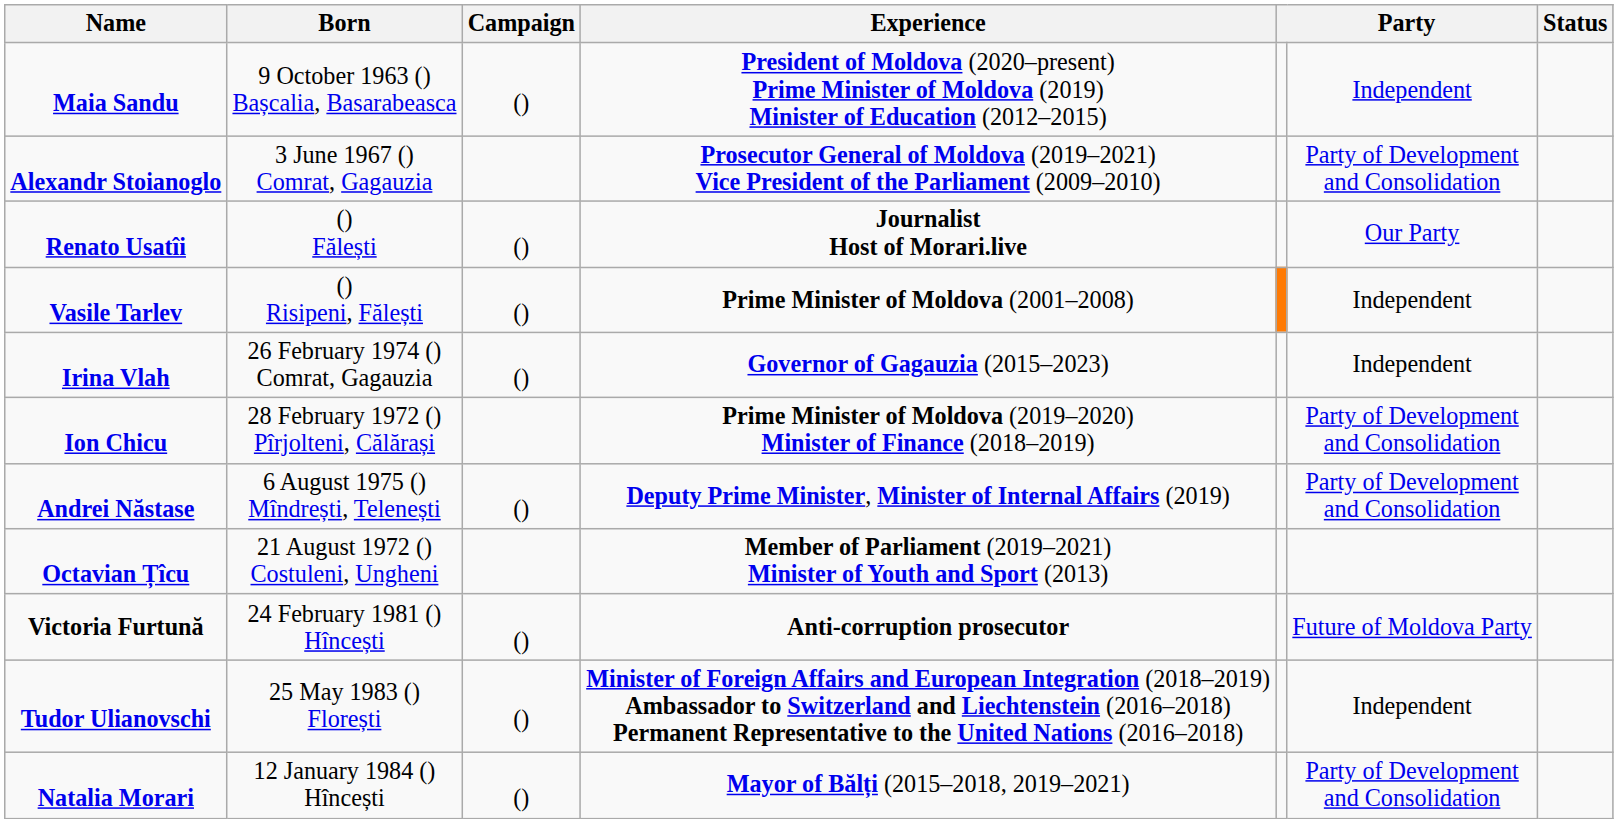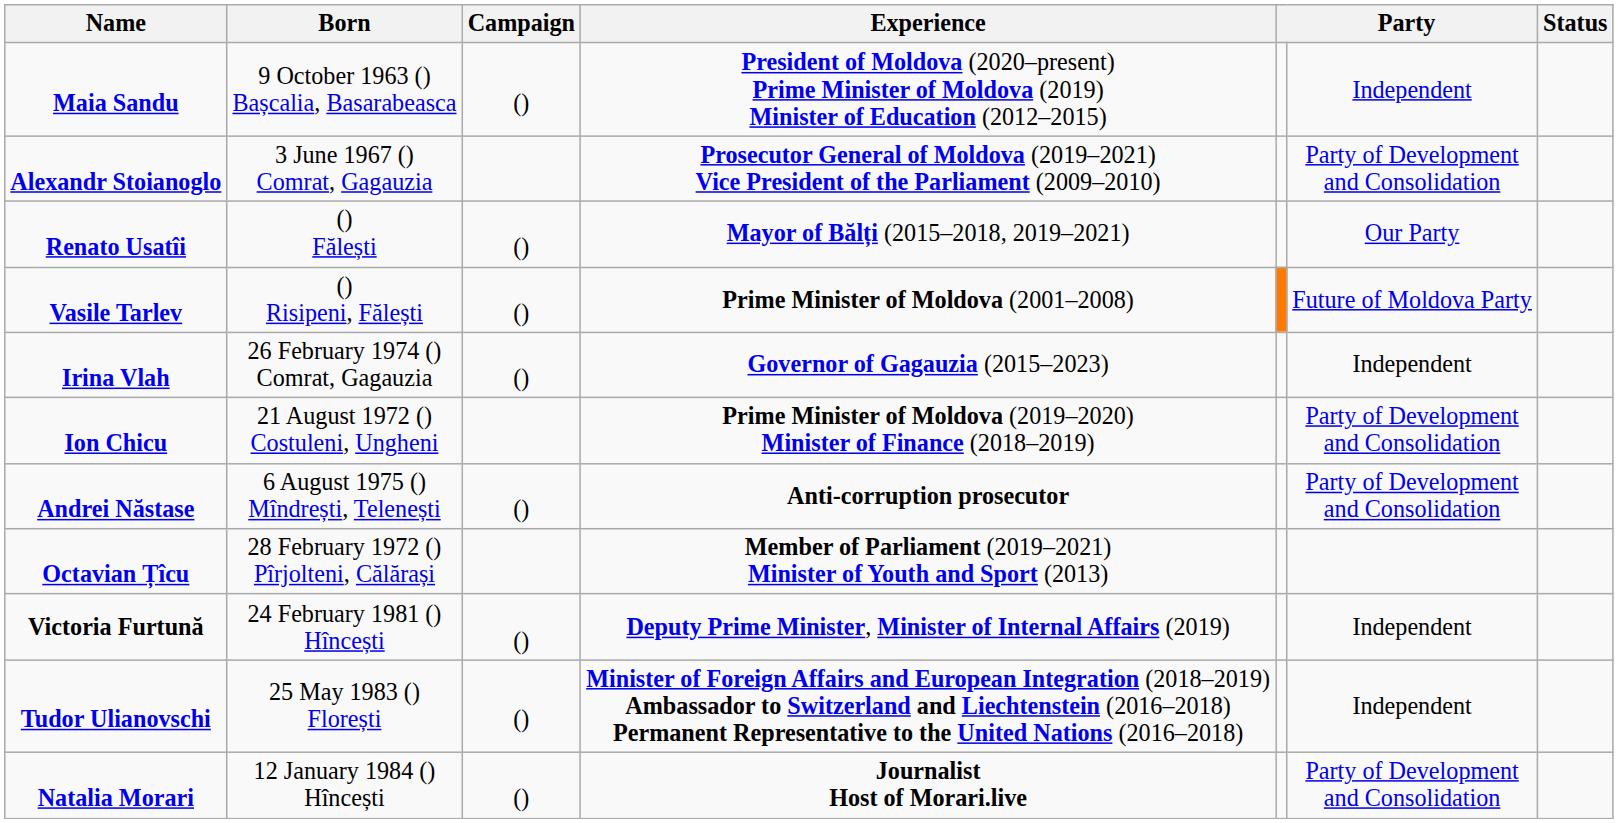 <table class="wikitable sortable" style="text-align:center;">
 <tr>
 <th>Name</th>
 <th>Born</th>
 <th>Campaign</th>
 <th class="unsortable">Experience</th>
 <th colspan="2">Party</th>
 <th>Status</th>
 </tr>
 <tr>
 <td data-sort-value="Sandu, Maia"><br><strong><a href='#'>Maia Sandu</a></strong></td>
 <td>9 October 1963 ()<br><a href='#'>Bașcalia</a>, <a href='#'>Basarabeasca</a></td>
 <td><br>()</td>
 <td><strong><a href='#'>President of Moldova</a></strong> (2020–present)<br><strong><a href='#'>Prime Minister of Moldova</a></strong> (2019)<br><strong><a href='#'>Minister of Education</a></strong> (2012–2015)</td>
 <td style=background:></td>
 <td><a href='#'>Independent</a></td>
 <td></td>
 </tr>
 <tr>
 <td><br><strong><a href='#'>Alexandr Stoianoglo</a></strong></td>
 <td>3 June 1967 ()<br><a href='#'>Comrat</a>, <a href='#'>Gagauzia</a></td>
 <td></td>
 <td><strong><a href='#'>Prosecutor General of Moldova</a></strong> (2019–2021)<br><strong><a href='#'>Vice President of the Parliament</a></strong> (2009–2010)</td>
 <td style=background:></td>
 <td><a href='#'>Party of Development<br>and Consolidation</a></td>
 <td></td>
 </tr>
 <tr>
 <td data-sort-value="Usatîi, Renato"><br><strong><a href='#'>Renato Usatîi</a></strong></td>
 <td> ()<br><a href='#'>Fălești</a></td>
 <td><br>()</td>
-<td><strong>Journalist</strong><br><strong>Host of Morari.live</strong></td>
+<td><strong><a href='#'>Mayor of Bălți</a></strong> (2015–2018, 2019–2021)</td>
 <td style=background:></td>
 <td><a href='#'>Our Party</a></td>
 <td></td>
 </tr>
 <tr>
 <td><br><strong><a href='#'>Vasile Tarlev</a></strong></td>
 <td> ()<br><a href='#'>Risipeni</a>, <a href='#'>Fălești</a></td>
 <td><br>()</td>
 <td><strong>Prime Minister of Moldova</strong> (2001–2008)</td>
 <td style=background:#FF7A03></td>
-<td>Independent</td>
+<td><a href='#'>Future of Moldova Party</a><br></td>
 <td></td>
 </tr>
 <tr>
 <td><br><strong><a href='#'>Irina Vlah</a></strong></td>
 <td>26 February 1974 ()<br>Comrat, Gagauzia</td>
 <td><br>()</td>
 <td><strong><a href='#'>Governor of Gagauzia</a></strong> (2015–2023)</td>
 <td style=background:></td>
 <td>Independent</td>
 <td></td>
 </tr>
 <tr>
 <td><br><strong><a href='#'>Ion Chicu</a></strong></td>
-<td>28 February 1972 ()<br><a href='#'>Pîrjolteni</a>, <a href='#'>Călărași</a></td>
+<td>21 August 1972 ()<br><a href='#'>Costuleni</a>, <a href='#'>Ungheni</a></td>
 <td></td>
 <td><strong>Prime Minister of Moldova</strong> (2019–2020)<br><strong><a href='#'>Minister of Finance</a></strong> (2018–2019)</td>
 <td style="background:"></td>
 <td><a href='#'>Party of Development<br>and Consolidation</a></td>
 <td></td>
 </tr>
 <tr>
 <td><br><strong><a href='#'>Andrei Năstase</a></strong></td>
 <td>6 August 1975 ()<br><a href='#'>Mîndrești</a>, <a href='#'>Telenești</a></td>
 <td><br>()</td>
-<td><strong><a href='#'>Deputy Prime Minister</a></strong>, <strong><a href='#'>Minister of Internal Affairs</a></strong> (2019)</td>
+<td><strong>Anti-corruption prosecutor</strong></td>
 <td style=background:></td>
 <td><a href='#'>Party of Development<br>and Consolidation</a></td>
 <td></td>
 </tr>
 <tr>
 <td><br><strong><a href='#'>Octavian Țîcu</a></strong></td>
-<td>21 August 1972 ()<br><a href='#'>Costuleni</a>, <a href='#'>Ungheni</a></td>
+<td>28 February 1972 ()<br><a href='#'>Pîrjolteni</a>, <a href='#'>Călărași</a></td>
 <td></td>
 <td><strong>Member of Parliament</strong> (2019–2021)<br><strong><a href='#'>Minister of Youth and Sport</a></strong> (2013)</td>
 <td style=background:></td>
 <td></td>
 <td></td>
 </tr>
 <tr>
 <td><strong>Victoria Furtună</strong></td>
 <td>24 February 1981 ()<br><a href='#'>Hîncești</a></td>
 <td><br>()</td>
-<td><strong>Anti-corruption prosecutor</strong></td>
+<td><strong><a href='#'>Deputy Prime Minister</a></strong>, <strong><a href='#'>Minister of Internal Affairs</a></strong> (2019)</td>
 <td style=background:></td>
-<td><a href='#'>Future of Moldova Party</a><br></td>
+<td>Independent</td>
 <td></td>
 </tr>
 <tr>
 <td><br><strong><a href='#'>Tudor Ulianovschi</a></strong></td>
 <td>25 May 1983 ()<br><a href='#'>Florești</a></td>
 <td><br>()</td>
 <td><strong><a href='#'>Minister of Foreign Affairs and European Integration</a></strong> (2018–2019)<br><strong>Ambassador to <a href='#'>Switzerland</a> and <a href='#'>Liechtenstein</a></strong> (2016–2018)<br><strong>Permanent Representative to the <a href='#'>United Nations</a></strong> (2016–2018)</td>
 <td style=background:></td>
 <td>Independent</td>
 <td></td>
 </tr>
 <tr>
 <td><br><strong><a href='#'>Natalia Morari</a></strong></td>
 <td>12 January 1984 ()<br>Hîncești</td>
 <td><br>()</td>
-<td><strong><a href='#'>Mayor of Bălți</a></strong> (2015–2018, 2019–2021)</td>
+<td><strong>Journalist</strong><br><strong>Host of Morari.live</strong></td>
 <td style=background:></td>
 <td><a href='#'>Party of Development<br>and Consolidation</a></td>
 <td></td>
 </tr>
 </table>
